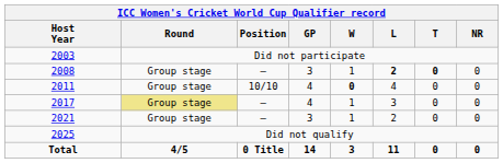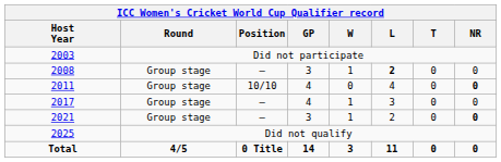 <table class="wikitable" style="text-align: center; width=900px;">
 <tr>
 <th colspan=9><a href='#'>ICC Women's Cricket World Cup Qualifier record</a></th>
 </tr>
 <tr>
 <th width=150>Host<br>Year</th>
 <th width=150>Round</th>
 <th width=50>Position</th>
 <th width=50>GP</th>
 <th width=50>W</th>
 <th width=50>L</th>
 <th width=50>T</th>
 <th width=50>NR</th>
 </tr>
 <tr>
 <td> <a href='#'>2003</a></td>
 <td colspan=8 rowspan=1>Did not participate</td>
 </tr>
 <tr>
 <td> <a href='#'>2008</a></td>
 <td>Group stage</td>
 <td>–</td>
 <td>3</td>
 <td>1</td>
 <td><strong>2</strong></td>
-<td><strong>0</strong></td>
+<td>0</td>
 <td>0</td>
 </tr>
 <tr>
 <td> <a href='#'>2011</a></td>
 <td>Group stage</td>
 <td>10/10</td>
 <td>4</td>
-<td><strong>0</strong></td>
+<td>0</td>
 <td>4</td>
 <td>0</td>
-<td>0</td>
+<td><strong>0</strong></td>
 </tr>
 <tr>
 <td> <a href='#'>2017</a></td>
-<td style="background: khaki;">Group stage</td>
+<td>Group stage</td>
 <td>–</td>
 <td>4</td>
 <td>1</td>
 <td>3</td>
 <td>0</td>
 <td>0</td>
 </tr>
 <tr>
 <td> <a href='#'>2021</a></td>
 <td>Group stage</td>
 <td>–</td>
 <td>3</td>
 <td>1</td>
 <td>2</td>
 <td>0</td>
-<td>0</td>
+<td><strong>0</strong></td>
 </tr>
 <tr>
 <td> <a href='#'>2025</a></td>
 <td colspan=8>Did not qualify</td>
 </tr>
 <tr>
 <td><strong>Total</strong></td>
 <td><strong>4/5</strong></td>
 <td><strong>0 Title</strong></td>
 <td><strong>14</strong></td>
 <td><strong>3</strong></td>
 <td><strong>11</strong></td>
 <td><strong>0</strong></td>
 <td><strong>0</strong></td>
 </tr>
 </table>
